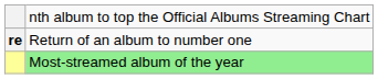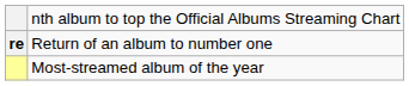 <table class="wikitable plainrowheaders sortable" style="font-size:90%;">
 <tr>
 <th scope=col></th>
 <td>nth album to top the Official Albums Streaming Chart</td>
 </tr>
 <tr>
 <th scope=row style="text-align:center;">re</th>
 <td>Return of an album to number one</td>
 </tr>
 <tr>
 <td style="background:#ff9; text-align:center;"></td>
-<td style="background: lightgreen;">Most-streamed album of the year</td>
+<td>Most-streamed album of the year</td>
 </tr>
 </table>
